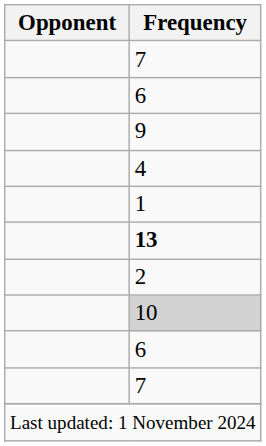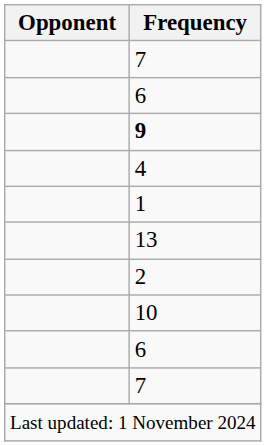 <table class="wikitable plainrowheaders sortable">
 <tr>
 <th>Opponent</th>
 <th>Frequency</th>
 </tr>
 <tr>
 <td></td>
 <td>7</td>
 </tr>
 <tr>
 <td></td>
 <td>6</td>
 </tr>
 <tr>
 <td></td>
-<td>9</td>
+<td><strong>9</strong></td>
 </tr>
 <tr>
 <td></td>
 <td>4</td>
 </tr>
 <tr>
 <td></td>
 <td>1</td>
 </tr>
 <tr>
 <td></td>
-<td><strong>13</strong></td>
+<td>13</td>
 </tr>
 <tr>
 <td></td>
 <td>2</td>
 </tr>
 <tr>
 <td></td>
-<td style="background: lightgrey;">10</td>
+<td>10</td>
 </tr>
 <tr>
 <td></td>
 <td>6</td>
 </tr>
 <tr>
 <td></td>
 <td>7</td>
 </tr>
 <tr>
 </tr>
 <tr class=sortbottom>
 <td colspan=5><small>Last updated: 1 November 2024</small></td>
 </tr>
 </table>
